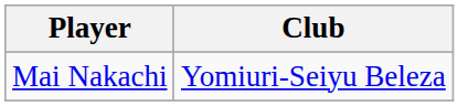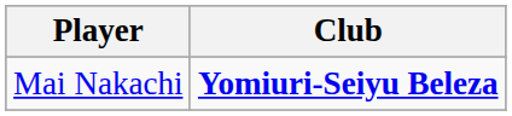 <table class="wikitable">
 <tr>
 <th>Player</th>
 <th>Club</th>
 </tr>
 <tr>
 <td> <a href='#'>Mai Nakachi</a></td>
-<td><a href='#'>Yomiuri-Seiyu Beleza</a></td>
+<td><strong><a href='#'>Yomiuri-Seiyu Beleza</a></strong></td>
 </tr>
 </table>
